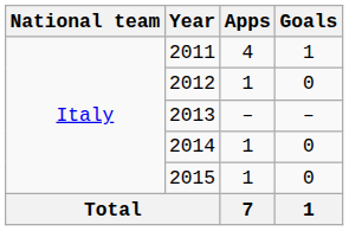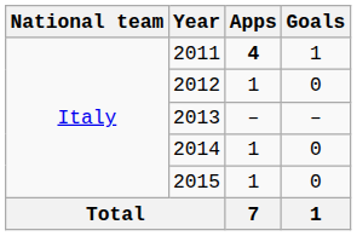 <table class="wikitable" style="text-align:center">
 <tr>
 <th>National team</th>
 <th>Year</th>
 <th>Apps</th>
 <th>Goals</th>
 </tr>
 <tr>
 <td rowspan="5"><a href='#'>Italy</a></td>
 <td>2011</td>
-<td>4</td>
+<td><strong>4</strong></td>
 <td>1</td>
 </tr>
 <tr>
 <td>2012</td>
 <td>1</td>
 <td>0</td>
 </tr>
 <tr>
 <td>2013</td>
 <td>–</td>
 <td>–</td>
 </tr>
 <tr>
 <td>2014</td>
 <td>1</td>
 <td>0</td>
 </tr>
 <tr>
 <td>2015</td>
 <td>1</td>
 <td>0</td>
 </tr>
 <tr>
 <th colspan="2">Total</th>
 <th>7</th>
 <th>1</th>
 </tr>
 </table>
